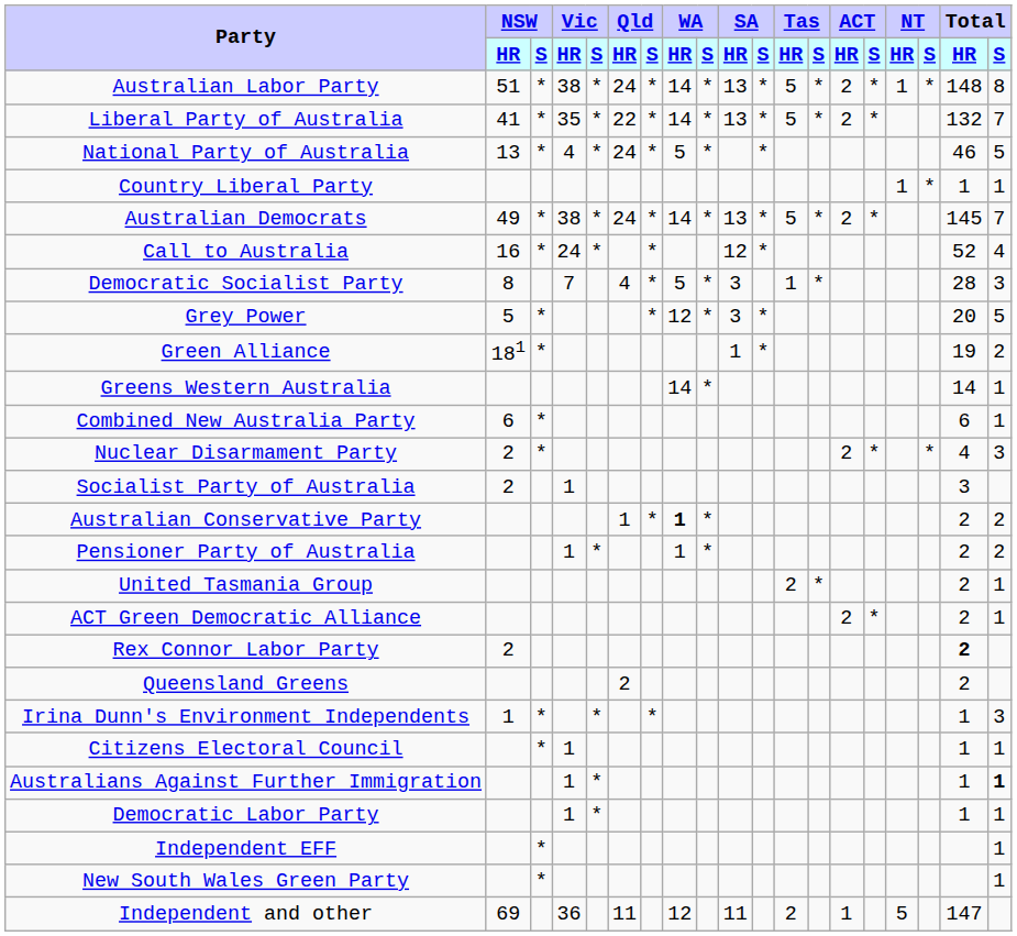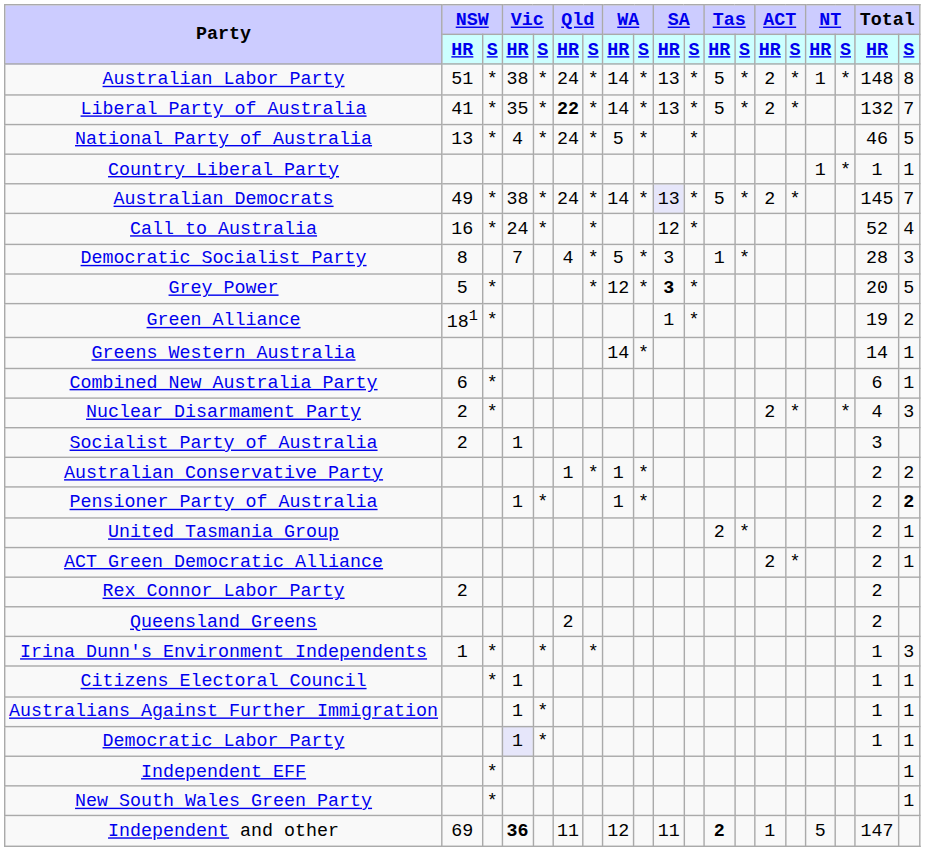 <table class="wikitable" style="text-align:center">
 <tr>
 <th rowspan="2" style="background:#ccf;">Party</th>
 <th colspan="2" style="background:#ccf;"><a href='#'>NSW</a></th>
 <th colspan="2" style="background:#ccf;"><a href='#'>Vic</a></th>
 <th colspan="2" style="background:#ccf;"><a href='#'>Qld</a></th>
 <th colspan="2" style="background:#ccf;"><a href='#'>WA</a></th>
 <th colspan="2" style="background:#ccf;"><a href='#'>SA</a></th>
 <th colspan="2" style="background:#ccf;"><a href='#'>Tas</a></th>
 <th colspan="2" style="background:#ccf;"><a href='#'>ACT</a></th>
 <th colspan="2" style="background:#ccf;"><a href='#'>NT</a></th>
 <th colspan="2" style="background:#ccf;">Total</th>
 </tr>
 <tr>
 <th style="background:#ccffff;"><a href='#'>HR</a></th>
 <th style="background:#ccffff;"><a href='#'>S</a></th>
 <th style="background:#ccffff;"><a href='#'>HR</a></th>
 <th style="background:#ccffff;"><a href='#'>S</a></th>
 <th style="background:#ccffff;"><a href='#'>HR</a></th>
 <th style="background:#ccffff;"><a href='#'>S</a></th>
 <th style="background:#ccffff;"><a href='#'>HR</a></th>
 <th style="background:#ccffff;"><a href='#'>S</a></th>
 <th style="background:#ccffff;"><a href='#'>HR</a></th>
 <th style="background:#ccffff;"><a href='#'>S</a></th>
 <th style="background:#ccffff;"><a href='#'>HR</a></th>
 <th style="background:#ccffff;"><a href='#'>S</a></th>
 <th style="background:#ccffff;"><a href='#'>HR</a></th>
 <th style="background:#ccffff;"><a href='#'>S</a></th>
 <th style="background:#ccffff;"><a href='#'>HR</a></th>
 <th style="background:#ccffff;"><a href='#'>S</a></th>
 <th style="background:#ccffff;"><a href='#'>HR</a></th>
 <th style="background:#ccffff;"><a href='#'>S</a></th>
 </tr>
 <tr>
 <td style="font-size:100%;"><a href='#'>Australian Labor Party</a></td>
 <td>51</td>
 <td>*</td>
 <td>38</td>
 <td>*</td>
 <td>24</td>
 <td>*</td>
 <td>14</td>
 <td>*</td>
 <td>13</td>
 <td>*</td>
 <td>5</td>
 <td>*</td>
 <td>2</td>
 <td>*</td>
 <td>1</td>
 <td>*</td>
 <td>148</td>
 <td>8</td>
 </tr>
 <tr>
 <td style="font-size:100%;"><a href='#'>Liberal Party of Australia</a></td>
 <td>41</td>
 <td>*</td>
 <td>35</td>
 <td>*</td>
-<td>22</td>
+<td><strong>22</strong></td>
 <td>*</td>
 <td>14</td>
 <td>*</td>
 <td>13</td>
 <td>*</td>
 <td>5</td>
 <td>*</td>
 <td>2</td>
 <td>*</td>
 <td></td>
 <td></td>
 <td>132</td>
 <td>7</td>
 </tr>
 <tr>
 <td style="font-size:100%;"><a href='#'>National Party of Australia</a></td>
 <td>13</td>
 <td>*</td>
 <td>4</td>
 <td>*</td>
 <td>24</td>
 <td>*</td>
 <td>5</td>
 <td>*</td>
 <td></td>
 <td>*</td>
 <td></td>
 <td></td>
 <td></td>
 <td></td>
 <td></td>
 <td></td>
 <td>46</td>
 <td>5</td>
 </tr>
 <tr>
 <td style="font-size:100%;"><a href='#'>Country Liberal Party</a></td>
 <td></td>
 <td></td>
 <td></td>
 <td></td>
 <td></td>
 <td></td>
 <td></td>
 <td></td>
 <td></td>
 <td></td>
 <td></td>
 <td></td>
 <td></td>
 <td></td>
 <td>1</td>
 <td>*</td>
 <td>1</td>
 <td>1</td>
 </tr>
 <tr>
 <td style="font-size:100%;"><a href='#'>Australian Democrats</a></td>
 <td>49</td>
 <td>*</td>
 <td>38</td>
 <td>*</td>
 <td>24</td>
 <td>*</td>
 <td>14</td>
 <td>*</td>
-<td>13</td>
+<td style="background: lavender;">13</td>
 <td>*</td>
 <td>5</td>
 <td>*</td>
 <td>2</td>
 <td>*</td>
 <td></td>
 <td></td>
 <td>145</td>
 <td>7</td>
 </tr>
 <tr>
 <td style="font-size:100%;"><a href='#'>Call to Australia</a></td>
 <td>16</td>
 <td>*</td>
 <td>24</td>
 <td>*</td>
 <td></td>
 <td>*</td>
 <td></td>
 <td></td>
 <td>12</td>
 <td>*</td>
 <td></td>
 <td></td>
 <td></td>
 <td></td>
 <td></td>
 <td></td>
 <td>52</td>
 <td>4</td>
 </tr>
 <tr>
 <td style="font-size:100%;"><a href='#'>Democratic Socialist Party</a></td>
 <td>8</td>
 <td></td>
 <td>7</td>
 <td></td>
 <td>4</td>
 <td>*</td>
 <td>5</td>
 <td>*</td>
 <td>3</td>
 <td></td>
 <td>1</td>
 <td>*</td>
 <td></td>
 <td></td>
 <td></td>
 <td></td>
 <td>28</td>
 <td>3</td>
 </tr>
 <tr>
 <td style="font-size:100%;"><a href='#'>Grey Power</a></td>
 <td>5</td>
 <td>*</td>
 <td></td>
 <td></td>
 <td></td>
 <td>*</td>
 <td>12</td>
 <td>*</td>
-<td>3</td>
+<td><strong>3</strong></td>
 <td>*</td>
 <td></td>
 <td></td>
 <td></td>
 <td></td>
 <td></td>
 <td></td>
 <td>20</td>
 <td>5</td>
 </tr>
 <tr>
 <td style="font-size:100%;"><a href='#'>Green Alliance</a></td>
 <td>18<sup>1</sup></td>
 <td>*</td>
 <td></td>
 <td></td>
 <td></td>
 <td></td>
 <td></td>
 <td></td>
 <td>1</td>
 <td>*</td>
 <td></td>
 <td></td>
 <td></td>
 <td></td>
 <td></td>
 <td></td>
 <td>19</td>
 <td>2</td>
 </tr>
 <tr>
 <td style="font-size:100%;"><a href='#'>Greens Western Australia</a></td>
 <td></td>
 <td></td>
 <td></td>
 <td></td>
 <td></td>
 <td></td>
 <td>14</td>
 <td>*</td>
 <td></td>
 <td></td>
 <td></td>
 <td></td>
 <td></td>
 <td></td>
 <td></td>
 <td></td>
 <td>14</td>
 <td>1</td>
 </tr>
 <tr>
 <td style="font-size:100%;"><a href='#'>Combined New Australia Party</a></td>
 <td>6</td>
 <td>*</td>
 <td></td>
 <td></td>
 <td></td>
 <td></td>
 <td></td>
 <td></td>
 <td></td>
 <td></td>
 <td></td>
 <td></td>
 <td></td>
 <td></td>
 <td></td>
 <td></td>
 <td>6</td>
 <td>1</td>
 </tr>
 <tr>
 <td style="font-size:100%;"><a href='#'>Nuclear Disarmament Party</a></td>
 <td>2</td>
 <td>*</td>
 <td></td>
 <td></td>
 <td></td>
 <td></td>
 <td></td>
 <td></td>
 <td></td>
 <td></td>
 <td></td>
 <td></td>
 <td>2</td>
 <td>*</td>
 <td></td>
 <td>*</td>
 <td>4</td>
 <td>3</td>
 </tr>
 <tr>
 <td style="font-size:100%;"><a href='#'>Socialist Party of Australia</a></td>
 <td>2</td>
 <td></td>
 <td>1</td>
 <td></td>
 <td></td>
 <td></td>
 <td></td>
 <td></td>
 <td></td>
 <td></td>
 <td></td>
 <td></td>
 <td></td>
 <td></td>
 <td></td>
 <td></td>
 <td>3</td>
 <td></td>
 </tr>
 <tr>
 <td style="font-size:100%;"><a href='#'>Australian Conservative Party</a></td>
 <td></td>
 <td></td>
 <td></td>
 <td></td>
 <td>1</td>
 <td>*</td>
-<td><strong>1</strong></td>
+<td>1</td>
 <td>*</td>
 <td></td>
 <td></td>
 <td></td>
 <td></td>
 <td></td>
 <td></td>
 <td></td>
 <td></td>
 <td>2</td>
 <td>2</td>
 </tr>
 <tr>
 <td style="font-size:100%;"><a href='#'>Pensioner Party of Australia</a></td>
 <td></td>
 <td></td>
 <td>1</td>
 <td>*</td>
 <td></td>
 <td></td>
 <td>1</td>
 <td>*</td>
 <td></td>
 <td></td>
 <td></td>
 <td></td>
 <td></td>
 <td></td>
 <td></td>
 <td></td>
 <td>2</td>
-<td>2</td>
+<td><strong>2</strong></td>
 </tr>
 <tr>
 <td style="font-size:100%;"><a href='#'>United Tasmania Group</a></td>
 <td></td>
 <td></td>
 <td></td>
 <td></td>
 <td></td>
 <td></td>
 <td></td>
 <td></td>
 <td></td>
 <td></td>
 <td>2</td>
 <td>*</td>
 <td></td>
 <td></td>
 <td></td>
 <td></td>
 <td>2</td>
 <td>1</td>
 </tr>
 <tr>
 <td style="font-size:100%;"><a href='#'>ACT Green Democratic Alliance</a></td>
 <td></td>
 <td></td>
 <td></td>
 <td></td>
 <td></td>
 <td></td>
 <td></td>
 <td></td>
 <td></td>
 <td></td>
 <td></td>
 <td></td>
 <td>2</td>
 <td>*</td>
 <td></td>
 <td></td>
 <td>2</td>
 <td>1</td>
 </tr>
 <tr>
 <td style="font-size:100%;"><a href='#'>Rex Connor Labor Party</a></td>
 <td>2</td>
 <td></td>
 <td></td>
 <td></td>
 <td></td>
 <td></td>
 <td></td>
 <td></td>
 <td></td>
 <td></td>
 <td></td>
 <td></td>
 <td></td>
 <td></td>
 <td></td>
 <td></td>
-<td><strong>2</strong></td>
+<td>2</td>
 <td></td>
 </tr>
 <tr>
 <td style="font-size:100%;"><a href='#'>Queensland Greens</a></td>
 <td></td>
 <td></td>
 <td></td>
 <td></td>
 <td>2</td>
 <td></td>
 <td></td>
 <td></td>
 <td></td>
 <td></td>
 <td></td>
 <td></td>
 <td></td>
 <td></td>
 <td></td>
 <td></td>
 <td>2</td>
 <td></td>
 </tr>
 <tr>
 <td style="font-size:100%;"><a href='#'>Irina Dunn's Environment Independents</a></td>
 <td>1</td>
 <td>*</td>
 <td></td>
 <td>*</td>
 <td></td>
 <td>*</td>
 <td></td>
 <td></td>
 <td></td>
 <td></td>
 <td></td>
 <td></td>
 <td></td>
 <td></td>
 <td></td>
 <td></td>
 <td>1</td>
 <td>3</td>
 </tr>
 <tr>
 <td style="font-size:100%;"><a href='#'>Citizens Electoral Council</a></td>
 <td></td>
 <td>*</td>
 <td>1</td>
 <td></td>
 <td></td>
 <td></td>
 <td></td>
 <td></td>
 <td></td>
 <td></td>
 <td></td>
 <td></td>
 <td></td>
 <td></td>
 <td></td>
 <td></td>
 <td>1</td>
 <td>1</td>
 </tr>
 <tr>
 <td style="font-size:100%;"><a href='#'>Australians Against Further Immigration</a></td>
 <td></td>
 <td></td>
 <td>1</td>
 <td>*</td>
 <td></td>
 <td></td>
 <td></td>
 <td></td>
 <td></td>
 <td></td>
 <td></td>
 <td></td>
 <td></td>
 <td></td>
 <td></td>
 <td></td>
 <td>1</td>
-<td><strong>1</strong></td>
+<td>1</td>
 </tr>
 <tr>
 <td style="font-size:100%;"><a href='#'>Democratic Labor Party</a></td>
 <td></td>
 <td></td>
-<td>1</td>
+<td style="background: lavender;">1</td>
 <td>*</td>
 <td></td>
 <td></td>
 <td></td>
 <td></td>
 <td></td>
 <td></td>
 <td></td>
 <td></td>
 <td></td>
 <td></td>
 <td></td>
 <td></td>
 <td>1</td>
 <td>1</td>
 </tr>
 <tr>
 <td style="font-size:100%;"><a href='#'>Independent EFF</a></td>
 <td></td>
 <td>*</td>
 <td></td>
 <td></td>
 <td></td>
 <td></td>
 <td></td>
 <td></td>
 <td></td>
 <td></td>
 <td></td>
 <td></td>
 <td></td>
 <td></td>
 <td></td>
 <td></td>
 <td></td>
 <td>1</td>
 </tr>
 <tr>
 <td style="font-size:100%;"><a href='#'>New South Wales Green Party</a></td>
 <td></td>
 <td>*</td>
 <td></td>
 <td></td>
 <td></td>
 <td></td>
 <td></td>
 <td></td>
 <td></td>
 <td></td>
 <td></td>
 <td></td>
 <td></td>
 <td></td>
 <td></td>
 <td></td>
 <td></td>
 <td>1</td>
 </tr>
 <tr>
 <td style="font-size:100%;"><a href='#'>Independent</a> and other</td>
 <td>69</td>
 <td></td>
-<td>36</td>
+<td><strong>36</strong></td>
 <td></td>
 <td>11</td>
 <td></td>
 <td>12</td>
 <td></td>
 <td>11</td>
 <td></td>
-<td>2</td>
+<td><strong>2</strong></td>
 <td></td>
 <td>1</td>
 <td></td>
 <td>5</td>
 <td></td>
 <td>147</td>
 <td></td>
 </tr>
 <tr>
 </tr>
 </table>
